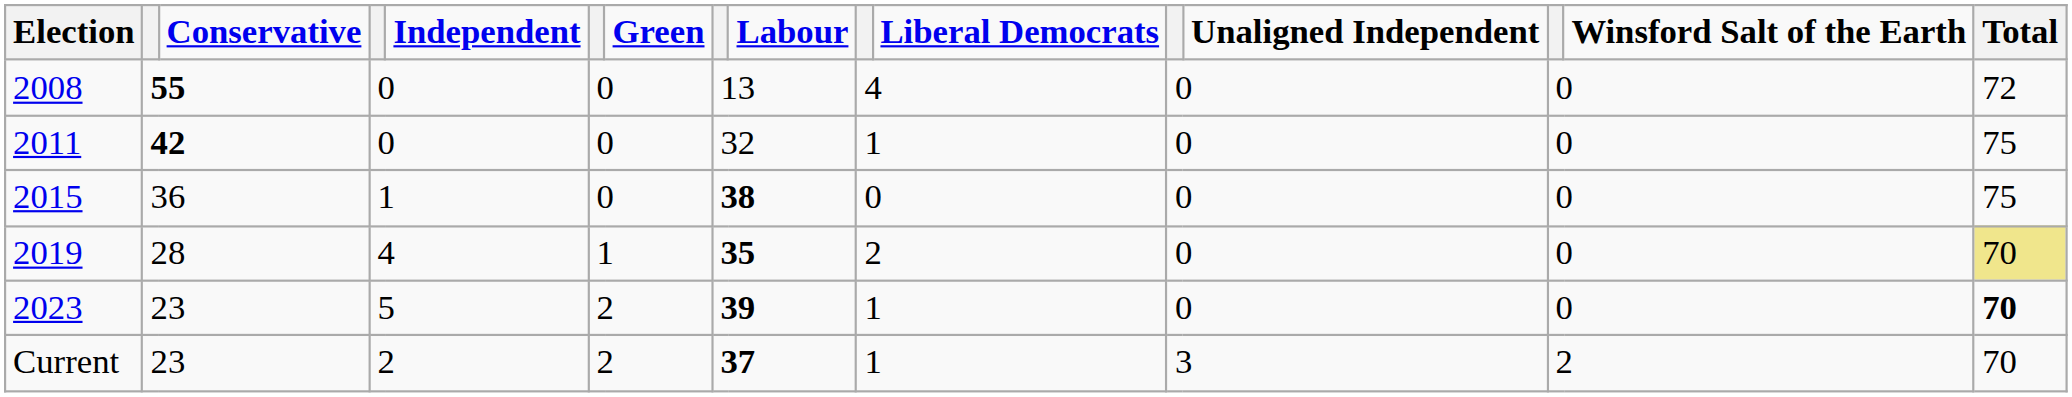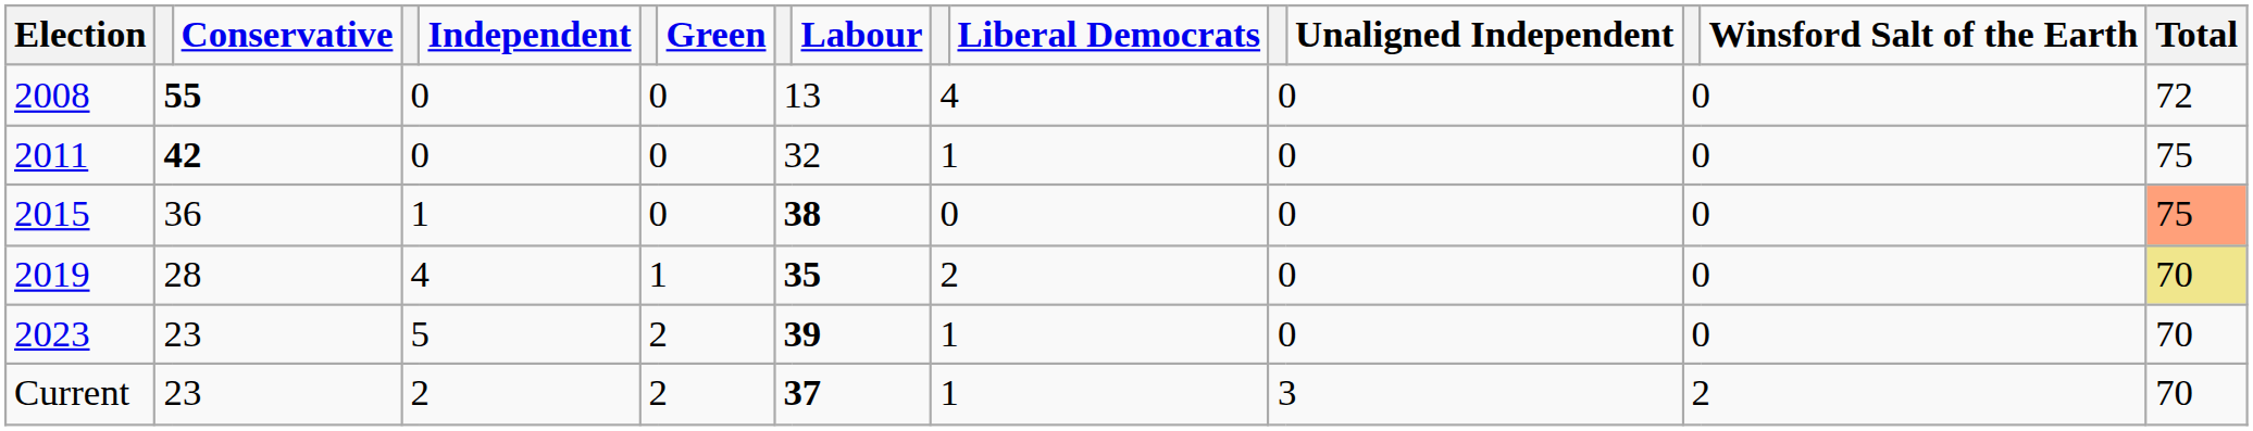 <table class="wikitable">
 <tr>
 <th>Election</th>
 <th style="background-color: "></th>
 <td><strong><a href='#'>Conservative</a></strong></td>
 <th style="background-color: "></th>
 <td><strong><a href='#'>Independent</a></strong></td>
 <th style="background-color: "></th>
 <td><strong><a href='#'>Green</a></strong></td>
 <th style="background-color: "></th>
 <td><strong><a href='#'>Labour</a></strong></td>
 <th style="background-color: "></th>
 <td><strong><a href='#'>Liberal Democrats</a></strong></td>
 <th style="background-color: "></th>
 <td><strong>Unaligned Independent</strong></td>
 <th style="background-color: "></th>
 <td><strong>Winsford Salt of the Earth</strong></td>
 <th>Total</th>
 </tr>
 <tr>
 <td><a href='#'>2008</a></td>
 <td colspan=2><strong>55</strong></td>
 <td colspan=2>0</td>
 <td colspan=2>0</td>
 <td colspan=2>13</td>
 <td colspan=2>4</td>
 <td colspan=2>0</td>
 <td colspan=2>0</td>
 <td>72</td>
 </tr>
 <tr>
 <td><a href='#'>2011</a></td>
 <td colspan=2><strong>42</strong></td>
 <td colspan=2>0</td>
 <td colspan=2>0</td>
 <td colspan=2>32</td>
 <td colspan=2>1</td>
 <td colspan=2>0</td>
 <td colspan=2>0</td>
 <td>75</td>
 </tr>
 <tr>
 <td><a href='#'>2015</a></td>
 <td colspan=2>36</td>
 <td colspan=2>1</td>
 <td colspan=2>0</td>
 <td colspan=2><strong>38</strong></td>
 <td colspan=2>0</td>
 <td colspan=2>0</td>
 <td colspan=2>0</td>
-<td>75</td>
+<td style="background: lightsalmon;">75</td>
 </tr>
 <tr>
 <td><a href='#'>2019</a></td>
 <td colspan=2>28</td>
 <td colspan=2>4</td>
 <td colspan=2>1</td>
 <td colspan=2><strong>35</strong></td>
 <td colspan=2>2</td>
 <td colspan=2>0</td>
 <td colspan=2>0</td>
 <td style="background: khaki;">70</td>
 </tr>
 <tr>
 <td><a href='#'>2023</a></td>
 <td colspan=2>23</td>
 <td colspan=2>5</td>
 <td colspan=2>2</td>
 <td colspan=2><strong>39</strong></td>
 <td colspan=2>1</td>
 <td colspan=2>0</td>
 <td colspan=2>0</td>
-<td><strong>70</strong></td>
+<td>70</td>
 </tr>
 <tr>
 <td>Current</td>
 <td colspan=2>23</td>
 <td colspan=2>2</td>
 <td colspan=2>2</td>
 <td colspan=2><strong>37</strong></td>
 <td colspan=2>1</td>
 <td colspan=2>3</td>
 <td colspan=2>2</td>
 <td>70</td>
 </tr>
 </table>
